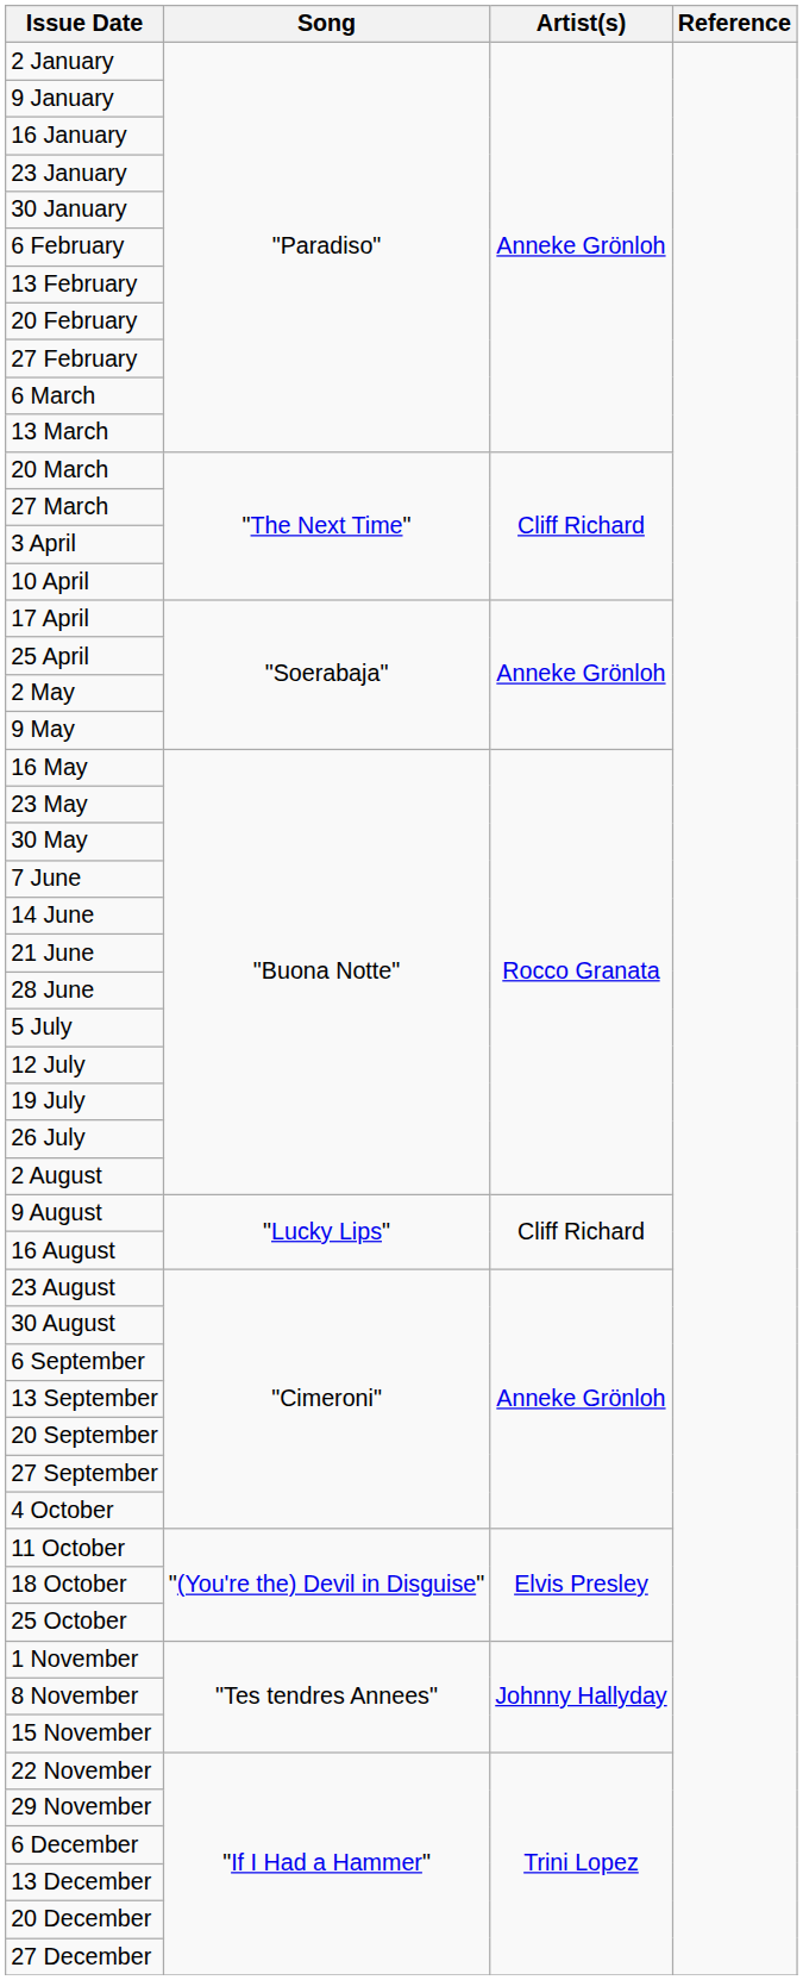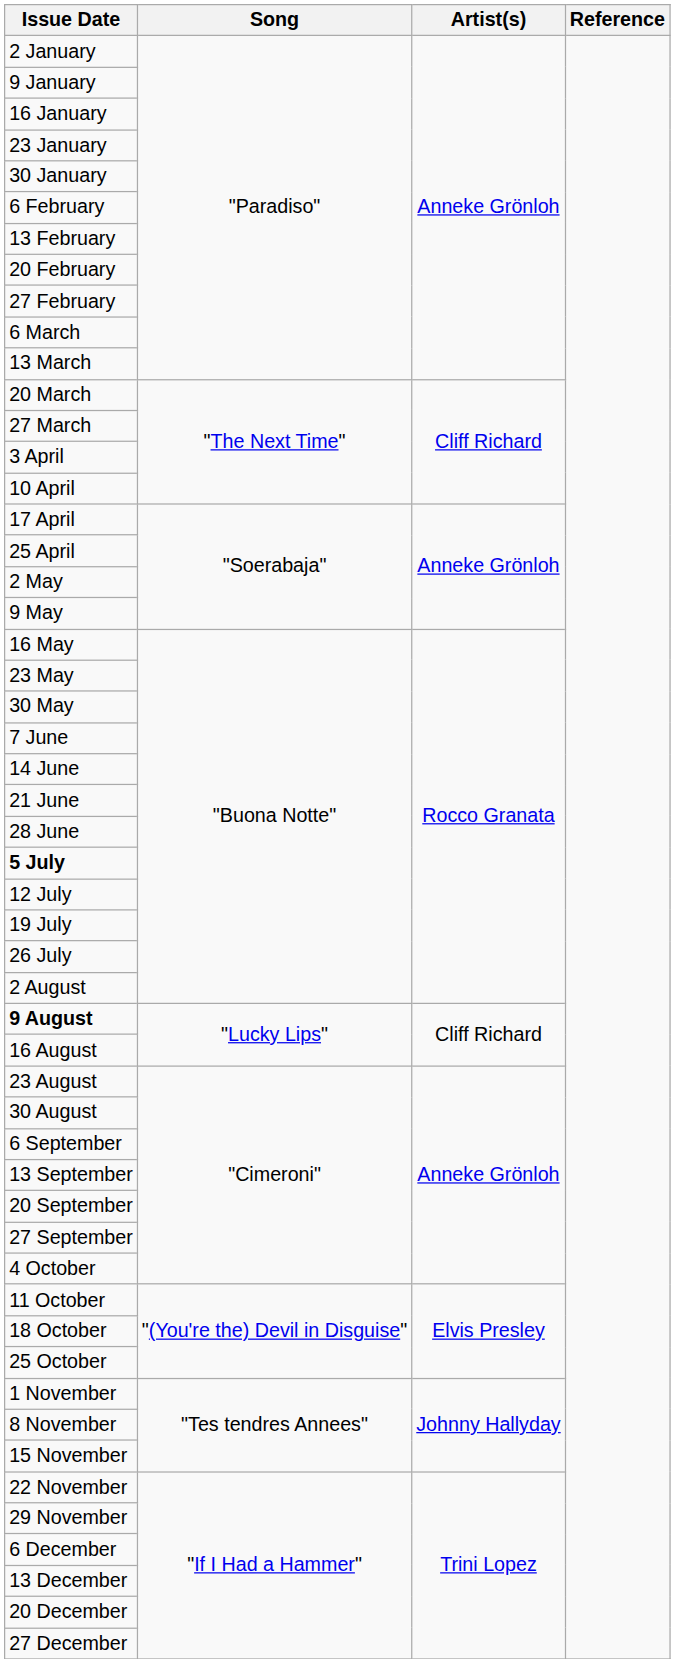 <table class="wikitable">
 <tr>
 <th align="center">Issue Date</th>
 <th align="center">Song</th>
 <th align="center">Artist(s)</th>
 <th align="center">Reference</th>
 </tr>
 <tr>
 <td>2 January</td>
 <td align="center" rowspan="11">"Paradiso"</td>
 <td align="center" rowspan="11"><a href='#'>Anneke Grönloh</a></td>
 <td align="center" rowspan="52"></td>
 </tr>
 <tr>
 <td>9 January</td>
 </tr>
 <tr>
 <td>16 January</td>
 </tr>
 <tr>
 <td>23 January</td>
 </tr>
 <tr>
 <td>30 January</td>
 </tr>
 <tr>
 <td>6 February</td>
 </tr>
 <tr>
 <td>13 February</td>
 </tr>
 <tr>
 <td>20 February</td>
 </tr>
 <tr>
 <td>27 February</td>
 </tr>
 <tr>
 <td>6 March</td>
 </tr>
 <tr>
 <td>13 March</td>
 </tr>
 <tr>
 <td>20 March</td>
 <td align="center" rowspan="4">"<a href='#'>The Next Time</a>"</td>
 <td align="center" rowspan="4"><a href='#'>Cliff Richard</a></td>
 </tr>
 <tr>
 <td>27 March</td>
 </tr>
 <tr>
 <td>3 April</td>
 </tr>
 <tr>
 <td>10 April</td>
 </tr>
 <tr>
 <td>17 April</td>
 <td align="center" rowspan="4">"Soerabaja"</td>
 <td align="center" rowspan="4"><a href='#'>Anneke Grönloh</a></td>
 </tr>
 <tr>
 <td>25 April</td>
 </tr>
 <tr>
 <td>2 May</td>
 </tr>
 <tr>
 <td>9 May</td>
 </tr>
 <tr>
 <td>16 May</td>
 <td align="center" rowspan="12">"Buona Notte"</td>
 <td align="center" rowspan="12"><a href='#'>Rocco Granata</a></td>
 </tr>
 <tr>
 <td>23 May</td>
 </tr>
 <tr>
 <td>30 May</td>
 </tr>
 <tr>
 <td>7 June</td>
 </tr>
 <tr>
 <td>14 June</td>
 </tr>
 <tr>
 <td>21 June</td>
 </tr>
 <tr>
 <td>28 June</td>
 </tr>
 <tr>
-<td>5 July</td>
+<td><strong>5 July</strong></td>
 </tr>
 <tr>
 <td>12 July</td>
 </tr>
 <tr>
 <td>19 July</td>
 </tr>
 <tr>
 <td>26 July</td>
 </tr>
 <tr>
 <td>2 August</td>
 </tr>
 <tr>
-<td>9 August</td>
+<td><strong>9 August</strong></td>
 <td align="center" rowspan="2">"<a href='#'>Lucky Lips</a>"</td>
 <td align="center" rowspan="2">Cliff Richard</td>
 </tr>
 <tr>
 <td>16 August</td>
 </tr>
 <tr>
 <td>23 August</td>
 <td align="center" rowspan="7">"Cimeroni"</td>
 <td align="center" rowspan="7"><a href='#'>Anneke Grönloh</a></td>
 </tr>
 <tr>
 <td>30 August</td>
 </tr>
 <tr>
 <td>6 September</td>
 </tr>
 <tr>
 <td>13 September</td>
 </tr>
 <tr>
 <td>20 September</td>
 </tr>
 <tr>
 <td>27 September</td>
 </tr>
 <tr>
 <td>4 October</td>
 </tr>
 <tr>
 <td>11 October</td>
 <td align="center" rowspan="3">"<a href='#'>(You're the) Devil in Disguise</a>"</td>
 <td align="center" rowspan="3"><a href='#'>Elvis Presley</a></td>
 </tr>
 <tr>
 <td>18 October</td>
 </tr>
 <tr>
 <td>25 October</td>
 </tr>
 <tr>
 <td>1 November</td>
 <td align="center" rowspan="3">"Tes tendres Annees"</td>
 <td align="center" rowspan="3"><a href='#'>Johnny Hallyday</a></td>
 </tr>
 <tr>
 <td>8 November</td>
 </tr>
 <tr>
 <td>15 November</td>
 </tr>
 <tr>
 <td>22 November</td>
 <td align="center" rowspan="6">"<a href='#'>If I Had a Hammer</a>"</td>
 <td align="center" rowspan="6"><a href='#'>Trini Lopez</a></td>
 </tr>
 <tr>
 <td>29 November</td>
 </tr>
 <tr>
 <td>6 December</td>
 </tr>
 <tr>
 <td>13 December</td>
 </tr>
 <tr>
 <td>20 December</td>
 </tr>
 <tr>
 <td>27 December</td>
 </tr>
 </table>
